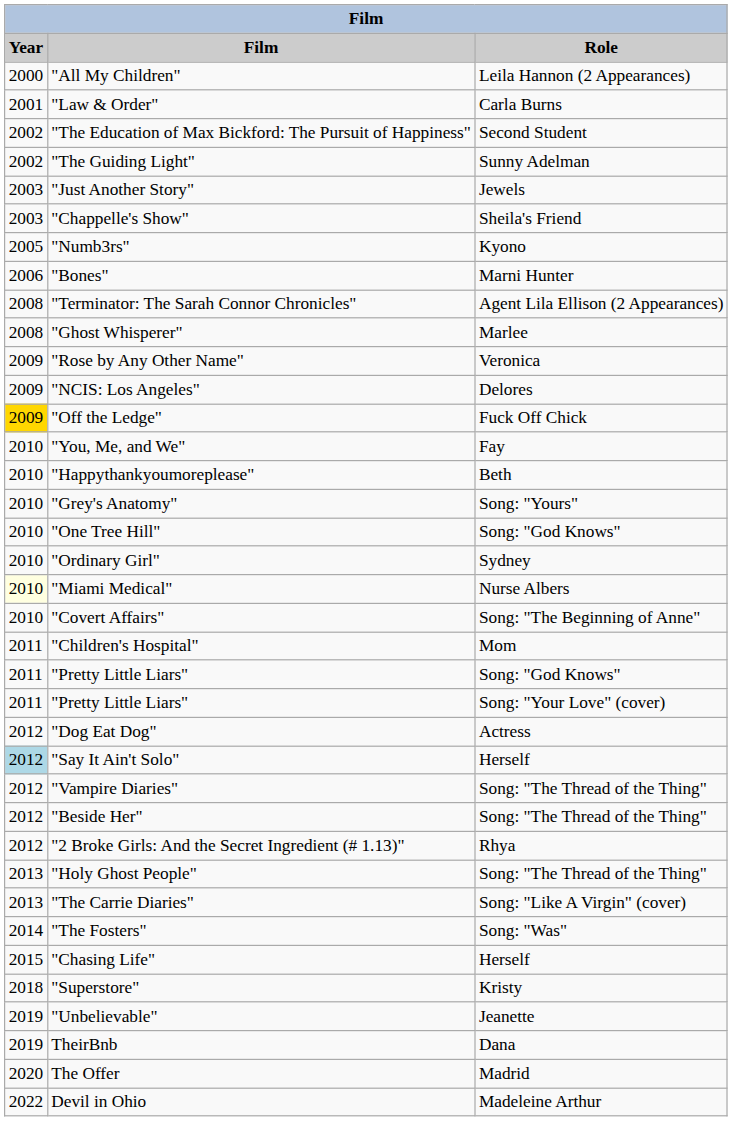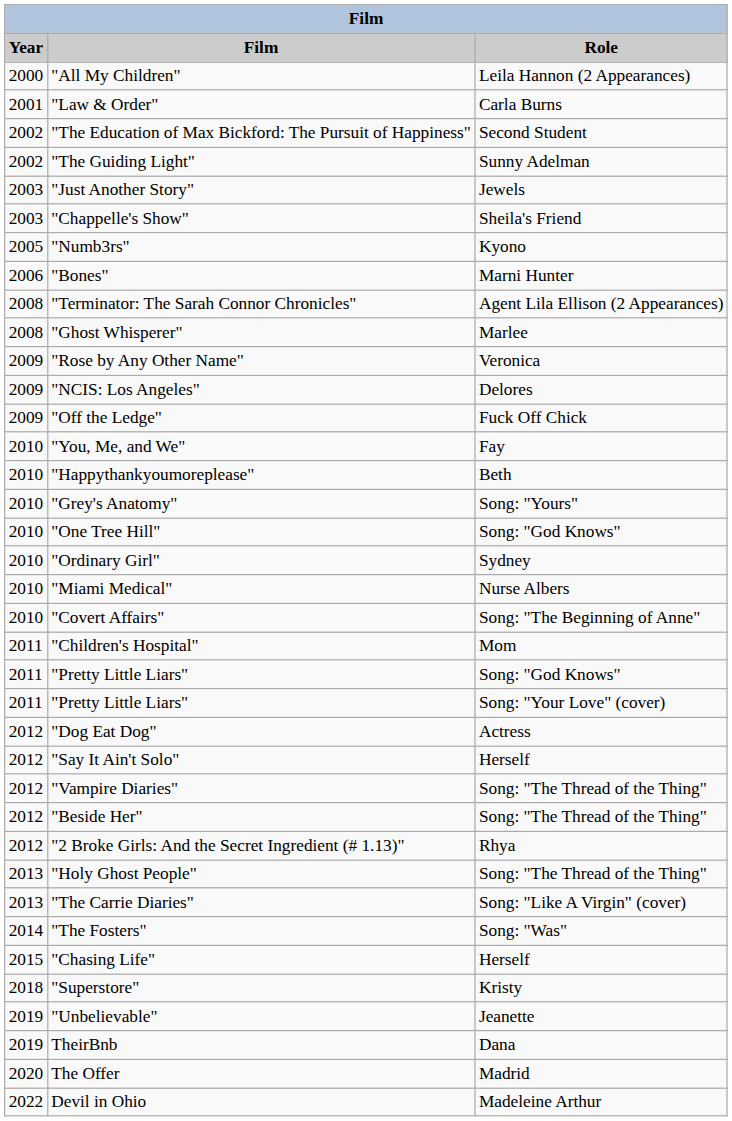 <table class="wikitable" style="font-size:90%;">
 <tr>
 <th colspan=4 style="background:#B0C4DE;">Film</th>
 </tr>
 <tr align="center">
 <th style="background: #CCCCCC;">Year</th>
 <th style="background: #CCCCCC;">Film</th>
 <th style="background: #CCCCCC;">Role</th>
 </tr>
 <tr>
 <td>2000</td>
 <td>"All My Children"</td>
 <td>Leila Hannon (2 Appearances)</td>
 </tr>
 <tr>
 <td>2001</td>
 <td>"Law & Order"</td>
 <td>Carla Burns</td>
 </tr>
 <tr>
 <td>2002</td>
 <td>"The Education of Max Bickford: The Pursuit of Happiness"</td>
 <td>Second Student</td>
 </tr>
 <tr>
 <td>2002</td>
 <td>"The Guiding Light"</td>
 <td>Sunny Adelman</td>
 </tr>
 <tr>
 <td>2003</td>
 <td>"Just Another Story"</td>
 <td>Jewels</td>
 </tr>
 <tr>
 <td>2003</td>
 <td>"Chappelle's Show"</td>
 <td>Sheila's Friend</td>
 </tr>
 <tr>
 <td>2005</td>
 <td>"Numb3rs"</td>
 <td>Kyono</td>
 </tr>
 <tr>
 <td>2006</td>
 <td>"Bones"</td>
 <td>Marni Hunter</td>
 </tr>
 <tr>
 <td>2008</td>
 <td>"Terminator: The Sarah Connor Chronicles"</td>
 <td>Agent Lila Ellison (2 Appearances)</td>
 </tr>
 <tr>
 <td>2008</td>
 <td>"Ghost Whisperer"</td>
 <td>Marlee</td>
 </tr>
 <tr>
 <td>2009</td>
 <td>"Rose by Any Other Name"</td>
 <td>Veronica</td>
 </tr>
 <tr>
 <td>2009</td>
 <td>"NCIS: Los Angeles"</td>
 <td>Delores</td>
 </tr>
 <tr>
-<td style="background: gold;">2009</td>
+<td>2009</td>
 <td>"Off the Ledge"</td>
 <td>Fuck Off Chick</td>
 </tr>
 <tr>
 <td>2010</td>
 <td>"You, Me, and We"</td>
 <td>Fay</td>
 </tr>
 <tr>
 <td>2010</td>
 <td>"Happythankyoumoreplease"</td>
 <td>Beth</td>
 </tr>
 <tr>
 <td>2010</td>
 <td>"Grey's Anatomy"</td>
 <td>Song: "Yours"</td>
 </tr>
 <tr>
 <td>2010</td>
 <td>"One Tree Hill"</td>
 <td>Song: "God Knows"</td>
 </tr>
 <tr>
 <td>2010</td>
 <td>"Ordinary Girl"</td>
 <td>Sydney</td>
 </tr>
 <tr>
-<td style="background: lightyellow;">2010</td>
+<td>2010</td>
 <td>"Miami Medical"</td>
 <td>Nurse Albers</td>
 </tr>
 <tr>
 <td>2010</td>
 <td>"Covert Affairs"</td>
 <td>Song: "The Beginning of Anne"</td>
 </tr>
 <tr>
 <td>2011</td>
 <td>"Children's Hospital"</td>
 <td>Mom</td>
 </tr>
 <tr>
 <td>2011</td>
 <td>"Pretty Little Liars"</td>
 <td>Song: "God Knows"</td>
 </tr>
 <tr>
 <td>2011</td>
 <td>"Pretty Little Liars"</td>
 <td>Song: "Your Love" (cover)</td>
 </tr>
 <tr>
 <td>2012</td>
 <td>"Dog Eat Dog"</td>
 <td>Actress</td>
 </tr>
 <tr>
-<td style="background: lightblue;">2012</td>
+<td>2012</td>
 <td>"Say It Ain't Solo"</td>
 <td>Herself</td>
 </tr>
 <tr>
 <td>2012</td>
 <td>"Vampire Diaries"</td>
 <td>Song: "The Thread of the Thing"</td>
 </tr>
 <tr>
 <td>2012</td>
 <td>"Beside Her"</td>
 <td>Song: "The Thread of the Thing"</td>
 </tr>
 <tr>
 <td>2012</td>
 <td>"2 Broke Girls: And the Secret Ingredient (# 1.13)"</td>
 <td>Rhya</td>
 </tr>
 <tr>
 <td>2013</td>
 <td>"Holy Ghost People"</td>
 <td>Song: "The Thread of the Thing"</td>
 </tr>
 <tr>
 <td>2013</td>
 <td>"The Carrie Diaries"</td>
 <td>Song: "Like A Virgin" (cover)</td>
 </tr>
 <tr>
 <td>2014</td>
 <td>"The Fosters"</td>
 <td>Song: "Was"</td>
 </tr>
 <tr>
 <td>2015</td>
 <td>"Chasing Life"</td>
 <td>Herself</td>
 </tr>
 <tr>
 <td>2018</td>
 <td>"Superstore"</td>
 <td>Kristy</td>
 </tr>
 <tr>
 <td>2019</td>
 <td>"Unbelievable"</td>
 <td>Jeanette</td>
 </tr>
 <tr>
 <td>2019</td>
 <td>TheirBnb</td>
 <td>Dana</td>
 </tr>
 <tr>
 <td>2020</td>
 <td>The Offer</td>
 <td>Madrid</td>
 </tr>
 <tr>
 <td>2022</td>
 <td>Devil in Ohio</td>
 <td>Madeleine Arthur</td>
 </tr>
 </table>
